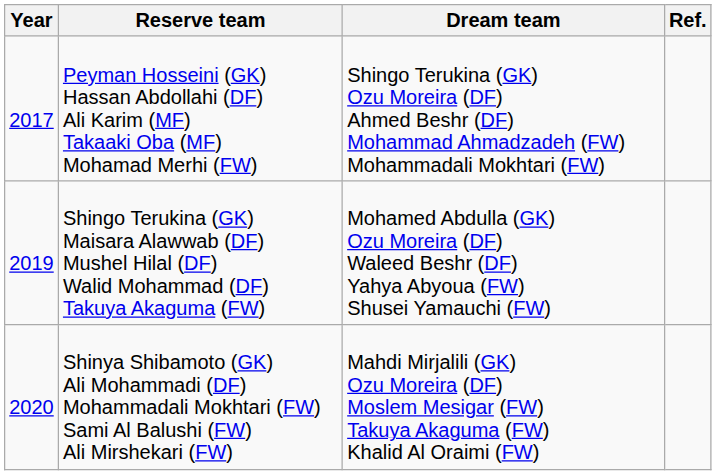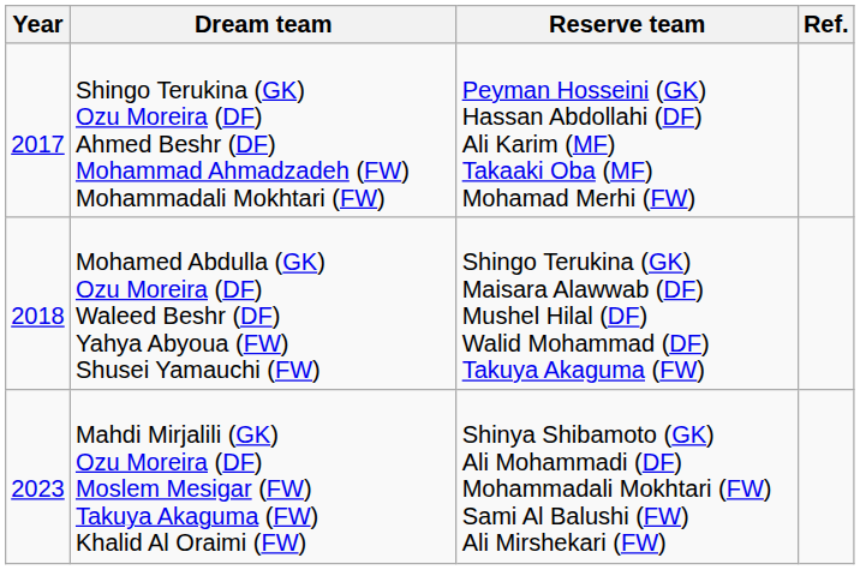 <table class="wikitable">
 <tr>
 <th>Year</th>
+<th width=250>Dream team</th>
 <th width=220>Reserve team</th>
-<th width=250>Dream team</th>
 <th>Ref.</th>
 </tr>
 <tr>
 <td><br> <a href='#'>2017</a></td>
+<td><br> Shingo Terukina (<a href='#'>GK</a>)<br>  <a href='#'>Ozu Moreira</a> (<a href='#'>DF</a>)<br>  Ahmed Beshr (<a href='#'>DF</a>)<br>  <a href='#'>Mohammad Ahmadzadeh</a> (<a href='#'>FW</a>)<br>  Mohammadali Mokhtari (<a href='#'>FW</a>)</td>
 <td><br> <a href='#'>Peyman Hosseini</a> (<a href='#'>GK</a>)<br>  Hassan Abdollahi (<a href='#'>DF</a>)<br>  Ali Karim (<a href='#'>MF</a>)<br>  <a href='#'>Takaaki Oba</a> (<a href='#'>MF</a>)<br>  Mohamad Merhi (<a href='#'>FW</a>)</td>
-<td><br> Shingo Terukina (<a href='#'>GK</a>)<br>  <a href='#'>Ozu Moreira</a> (<a href='#'>DF</a>)<br>  Ahmed Beshr (<a href='#'>DF</a>)<br>  <a href='#'>Mohammad Ahmadzadeh</a> (<a href='#'>FW</a>)<br>  Mohammadali Mokhtari (<a href='#'>FW</a>)</td>
 <td><br></td>
 </tr>
 <tr>
-<td><br> <a href='#'>2019</a></td>
+<td><br> <a href='#'>2018</a></td>
+<td><br> Mohamed Abdulla (<a href='#'>GK</a>)<br>  <a href='#'>Ozu Moreira</a> (<a href='#'>DF</a>)<br>  Waleed Beshr (<a href='#'>DF</a>)<br>  Yahya Abyoua (<a href='#'>FW</a>)<br>  Shusei Yamauchi (<a href='#'>FW</a>)</td>
 <td><br> Shingo Terukina (<a href='#'>GK</a>)<br>  Maisara Alawwab (<a href='#'>DF</a>)<br>  Mushel Hilal (<a href='#'>DF</a>)<br>  Walid Mohammad (<a href='#'>DF</a>)<br>  <a href='#'>Takuya Akaguma</a> (<a href='#'>FW</a>)</td>
-<td><br> Mohamed Abdulla (<a href='#'>GK</a>)<br>  <a href='#'>Ozu Moreira</a> (<a href='#'>DF</a>)<br>  Waleed Beshr (<a href='#'>DF</a>)<br>  Yahya Abyoua (<a href='#'>FW</a>)<br>  Shusei Yamauchi (<a href='#'>FW</a>)</td>
 <td><br></td>
 </tr>
 <tr>
-<td><br> <a href='#'>2020</a></td>
+<td><br> <a href='#'>2023</a></td>
+<td><br> Mahdi Mirjalili (<a href='#'>GK</a>)<br>  <a href='#'>Ozu Moreira</a> (<a href='#'>DF</a>)<br>  <a href='#'>Moslem Mesigar</a> (<a href='#'>FW</a>)<br>  <a href='#'>Takuya Akaguma</a> (<a href='#'>FW</a>)<br>  Khalid Al Oraimi (<a href='#'>FW</a>)</td>
 <td><br> Shinya Shibamoto (<a href='#'>GK</a>)<br>  Ali Mohammadi (<a href='#'>DF</a>)<br>  Mohammadali Mokhtari (<a href='#'>FW</a>)<br>  Sami Al Balushi (<a href='#'>FW</a>)<br>  Ali Mirshekari (<a href='#'>FW</a>)</td>
-<td><br> Mahdi Mirjalili (<a href='#'>GK</a>)<br>  <a href='#'>Ozu Moreira</a> (<a href='#'>DF</a>)<br>  <a href='#'>Moslem Mesigar</a> (<a href='#'>FW</a>)<br>  <a href='#'>Takuya Akaguma</a> (<a href='#'>FW</a>)<br>  Khalid Al Oraimi (<a href='#'>FW</a>)</td>
 <td><br></td>
 </tr>
 </table>
